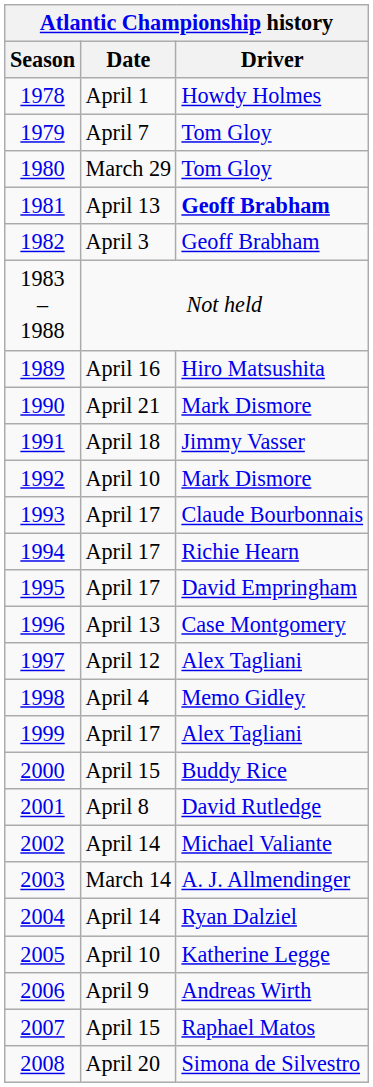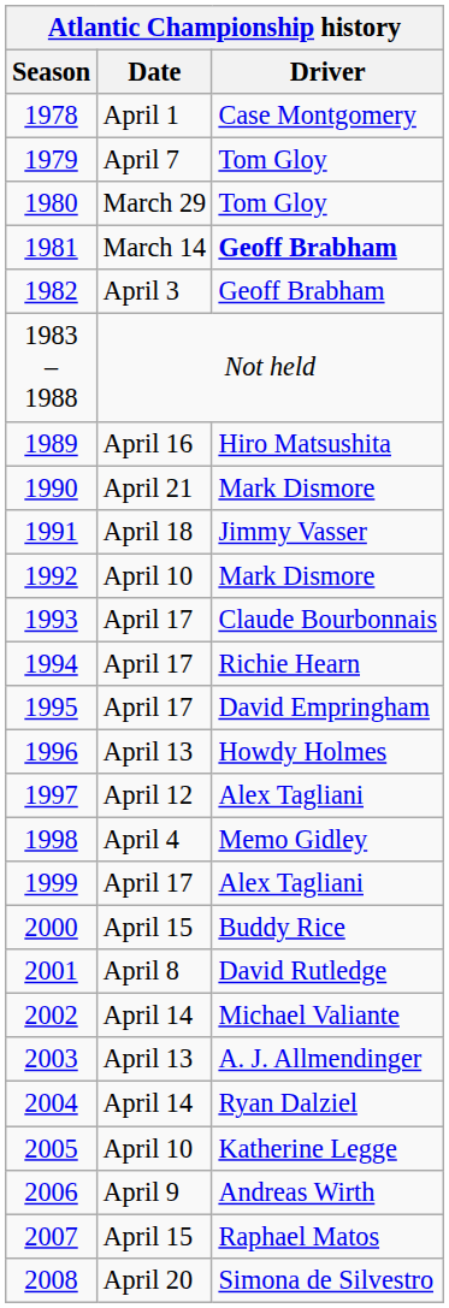 <table class="wikitable" style="font-size: 95%;">
 <tr>
 <th colspan=3><a href='#'>Atlantic Championship</a> history</th>
 </tr>
 <tr>
 <th>Season</th>
 <th>Date</th>
 <th>Driver</th>
 </tr>
 <tr>
 <td align=center><a href='#'>1978</a></td>
 <td>April 1</td>
-<td> <a href='#'>Howdy Holmes</a></td>
+<td> <a href='#'>Case Montgomery</a></td>
 </tr>
 <tr>
 <td align=center><a href='#'>1979</a></td>
 <td>April 7</td>
 <td> <a href='#'>Tom Gloy</a></td>
 </tr>
 <tr>
 <td align=center><a href='#'>1980</a></td>
 <td>March 29</td>
 <td> <a href='#'>Tom Gloy</a></td>
 </tr>
 <tr>
 <td align=center><a href='#'>1981</a></td>
-<td>April 13</td>
+<td>March 14</td>
 <td><strong> <a href='#'>Geoff Brabham</a></strong></td>
 </tr>
 <tr>
 <td align=center><a href='#'>1982</a></td>
 <td>April 3</td>
 <td> <a href='#'>Geoff Brabham</a></td>
 </tr>
 <tr>
 <td align=center>1983<br>–<br>1988</td>
 <td colspan=3 align=center><em>Not held</em></td>
 </tr>
 <tr>
 <td align=center><a href='#'>1989</a></td>
 <td>April 16</td>
 <td> <a href='#'>Hiro Matsushita</a></td>
 </tr>
 <tr>
 <td align=center><a href='#'>1990</a></td>
 <td>April 21</td>
 <td> <a href='#'>Mark Dismore</a></td>
 </tr>
 <tr>
 <td align=center><a href='#'>1991</a></td>
 <td>April 18</td>
 <td> <a href='#'>Jimmy Vasser</a></td>
 </tr>
 <tr>
 <td align=center><a href='#'>1992</a></td>
 <td>April 10</td>
 <td> <a href='#'>Mark Dismore</a></td>
 </tr>
 <tr>
 <td align=center><a href='#'>1993</a></td>
 <td>April 17</td>
 <td> <a href='#'>Claude Bourbonnais</a></td>
 </tr>
 <tr>
 <td align=center><a href='#'>1994</a></td>
 <td>April 17</td>
 <td> <a href='#'>Richie Hearn</a></td>
 </tr>
 <tr>
 <td align=center><a href='#'>1995</a></td>
 <td>April 17</td>
 <td> <a href='#'>David Empringham</a></td>
 </tr>
 <tr>
 <td align=center><a href='#'>1996</a></td>
 <td>April 13</td>
-<td> <a href='#'>Case Montgomery</a></td>
+<td> <a href='#'>Howdy Holmes</a></td>
 </tr>
 <tr>
 <td align=center><a href='#'>1997</a></td>
 <td>April 12</td>
 <td> <a href='#'>Alex Tagliani</a></td>
 </tr>
 <tr>
 <td align=center><a href='#'>1998</a></td>
 <td>April 4</td>
 <td> <a href='#'>Memo Gidley</a></td>
 </tr>
 <tr>
 <td align=center><a href='#'>1999</a></td>
 <td>April 17</td>
 <td> <a href='#'>Alex Tagliani</a></td>
 </tr>
 <tr>
 <td align=center><a href='#'>2000</a></td>
 <td>April 15</td>
 <td> <a href='#'>Buddy Rice</a></td>
 </tr>
 <tr>
 <td align=center><a href='#'>2001</a></td>
 <td>April 8</td>
 <td> <a href='#'>David Rutledge</a></td>
 </tr>
 <tr>
 <td align=center><a href='#'>2002</a></td>
 <td>April 14</td>
 <td> <a href='#'>Michael Valiante</a></td>
 </tr>
 <tr>
 <td align=center><a href='#'>2003</a></td>
-<td>March 14</td>
+<td>April 13</td>
 <td> <a href='#'>A. J. Allmendinger</a></td>
 </tr>
 <tr>
 <td align=center><a href='#'>2004</a></td>
 <td>April 14</td>
 <td> <a href='#'>Ryan Dalziel</a></td>
 </tr>
 <tr>
 <td align=center><a href='#'>2005</a></td>
 <td>April 10</td>
 <td> <a href='#'>Katherine Legge</a></td>
 </tr>
 <tr>
 <td align=center><a href='#'>2006</a></td>
 <td>April 9</td>
 <td> <a href='#'>Andreas Wirth</a></td>
 </tr>
 <tr>
 <td align=center><a href='#'>2007</a></td>
 <td>April 15</td>
 <td> <a href='#'>Raphael Matos</a></td>
 </tr>
 <tr>
 <td align=center><a href='#'>2008</a></td>
 <td>April 20</td>
 <td> <a href='#'>Simona de Silvestro</a></td>
 </tr>
 </table>
